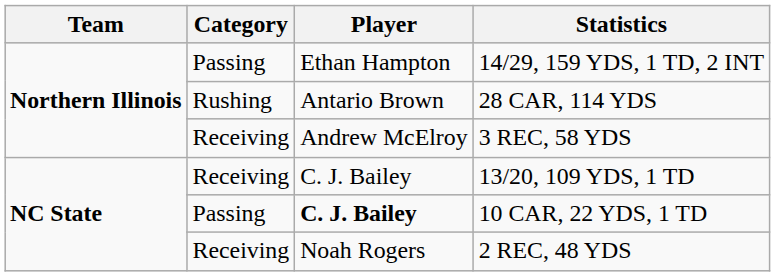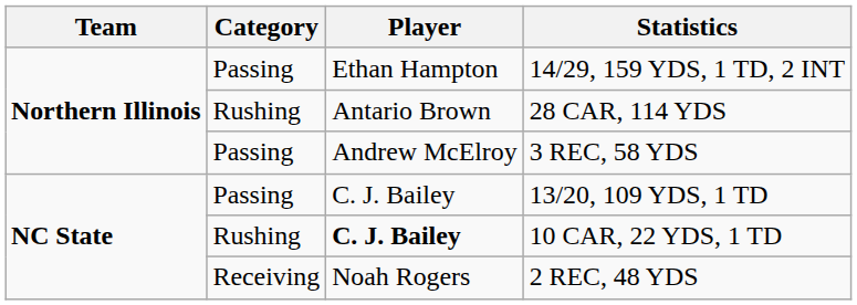 <table class="wikitable" style="float: right;">
 <tr>
 <th>Team</th>
 <th>Category</th>
 <th>Player</th>
 <th>Statistics</th>
 </tr>
 <tr>
 <td rowspan=3><strong>Northern Illinois</strong></td>
 <td>Passing</td>
 <td>Ethan Hampton</td>
 <td>14/29, 159 YDS, 1 TD, 2 INT</td>
 </tr>
 <tr>
 <td>Rushing</td>
 <td>Antario Brown</td>
 <td>28 CAR, 114 YDS</td>
 </tr>
 <tr>
-<td>Receiving</td>
+<td>Passing</td>
 <td>Andrew McElroy</td>
 <td>3 REC, 58 YDS</td>
 </tr>
 <tr>
 <td rowspan=3><strong>NC State</strong></td>
-<td>Receiving</td>
+<td>Passing</td>
 <td>C. J. Bailey</td>
 <td>13/20, 109 YDS, 1 TD</td>
 </tr>
 <tr>
-<td>Passing</td>
+<td>Rushing</td>
 <td><strong>C. J. Bailey</strong></td>
 <td>10 CAR, 22 YDS, 1 TD</td>
 </tr>
 <tr>
 <td>Receiving</td>
 <td>Noah Rogers</td>
 <td>2 REC, 48 YDS</td>
 </tr>
 </table>
